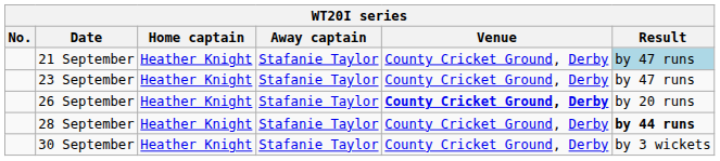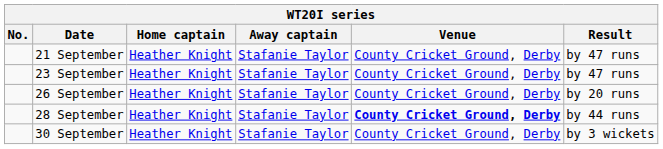 <table class="wikitable">
 <tr>
 <th colspan="9">WT20I series</th>
 </tr>
 <tr>
 <th>No.</th>
 <th>Date</th>
 <th>Home captain</th>
 <th>Away captain</th>
 <th>Venue</th>
 <th>Result</th>
 </tr>
 <tr>
 <td></td>
 <td>21 September</td>
 <td><a href='#'>Heather Knight</a></td>
 <td><a href='#'>Stafanie Taylor</a></td>
 <td><a href='#'>County Cricket Ground</a>, <a href='#'>Derby</a></td>
-<td style="background: lightblue;"> by 47 runs</td>
+<td> by 47 runs</td>
 </tr>
 <tr>
 <td></td>
 <td>23 September</td>
 <td><a href='#'>Heather Knight</a></td>
 <td><a href='#'>Stafanie Taylor</a></td>
 <td><a href='#'>County Cricket Ground</a>, <a href='#'>Derby</a></td>
 <td> by 47 runs</td>
 </tr>
 <tr>
 <td></td>
 <td>26 September</td>
 <td><a href='#'>Heather Knight</a></td>
 <td><a href='#'>Stafanie Taylor</a></td>
-<td><strong><a href='#'>County Cricket Ground</a>, <a href='#'>Derby</a></strong></td>
+<td><a href='#'>County Cricket Ground</a>, <a href='#'>Derby</a></td>
 <td> by 20 runs</td>
 </tr>
 <tr>
 <td></td>
 <td>28 September</td>
 <td><a href='#'>Heather Knight</a></td>
 <td><a href='#'>Stafanie Taylor</a></td>
-<td><a href='#'>County Cricket Ground</a>, <a href='#'>Derby</a></td>
-<td><strong> by 44 runs</strong></td>
+<td><strong><a href='#'>County Cricket Ground</a>, <a href='#'>Derby</a></strong></td>
+<td> by 44 runs</td>
 </tr>
 <tr>
 <td></td>
 <td>30 September</td>
 <td><a href='#'>Heather Knight</a></td>
 <td><a href='#'>Stafanie Taylor</a></td>
 <td><a href='#'>County Cricket Ground</a>, <a href='#'>Derby</a></td>
 <td> by 3 wickets</td>
 </tr>
 </table>
